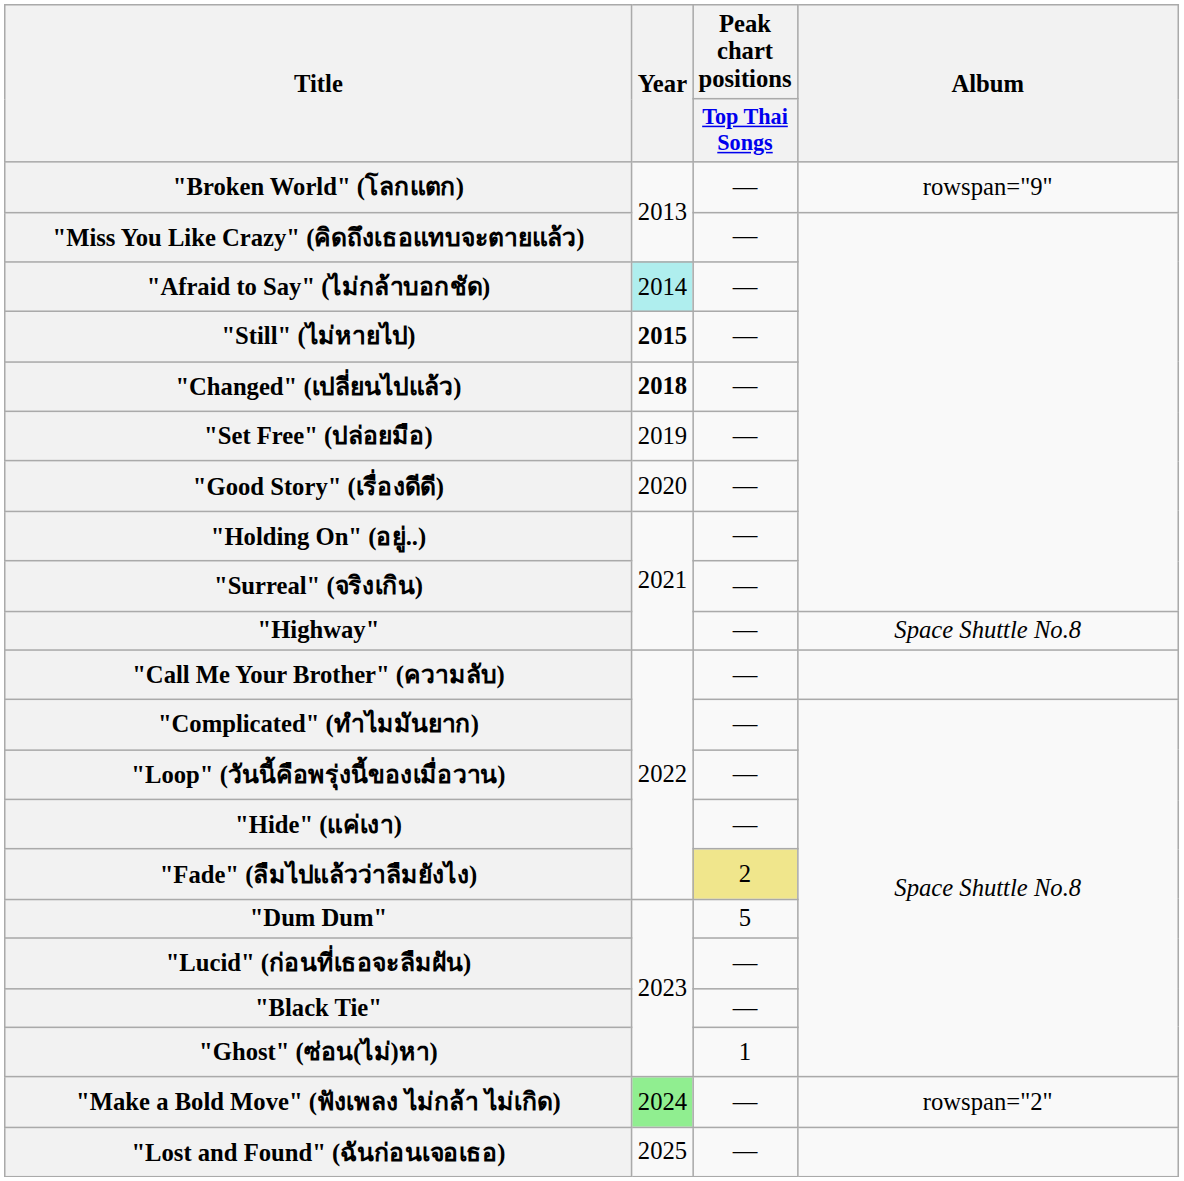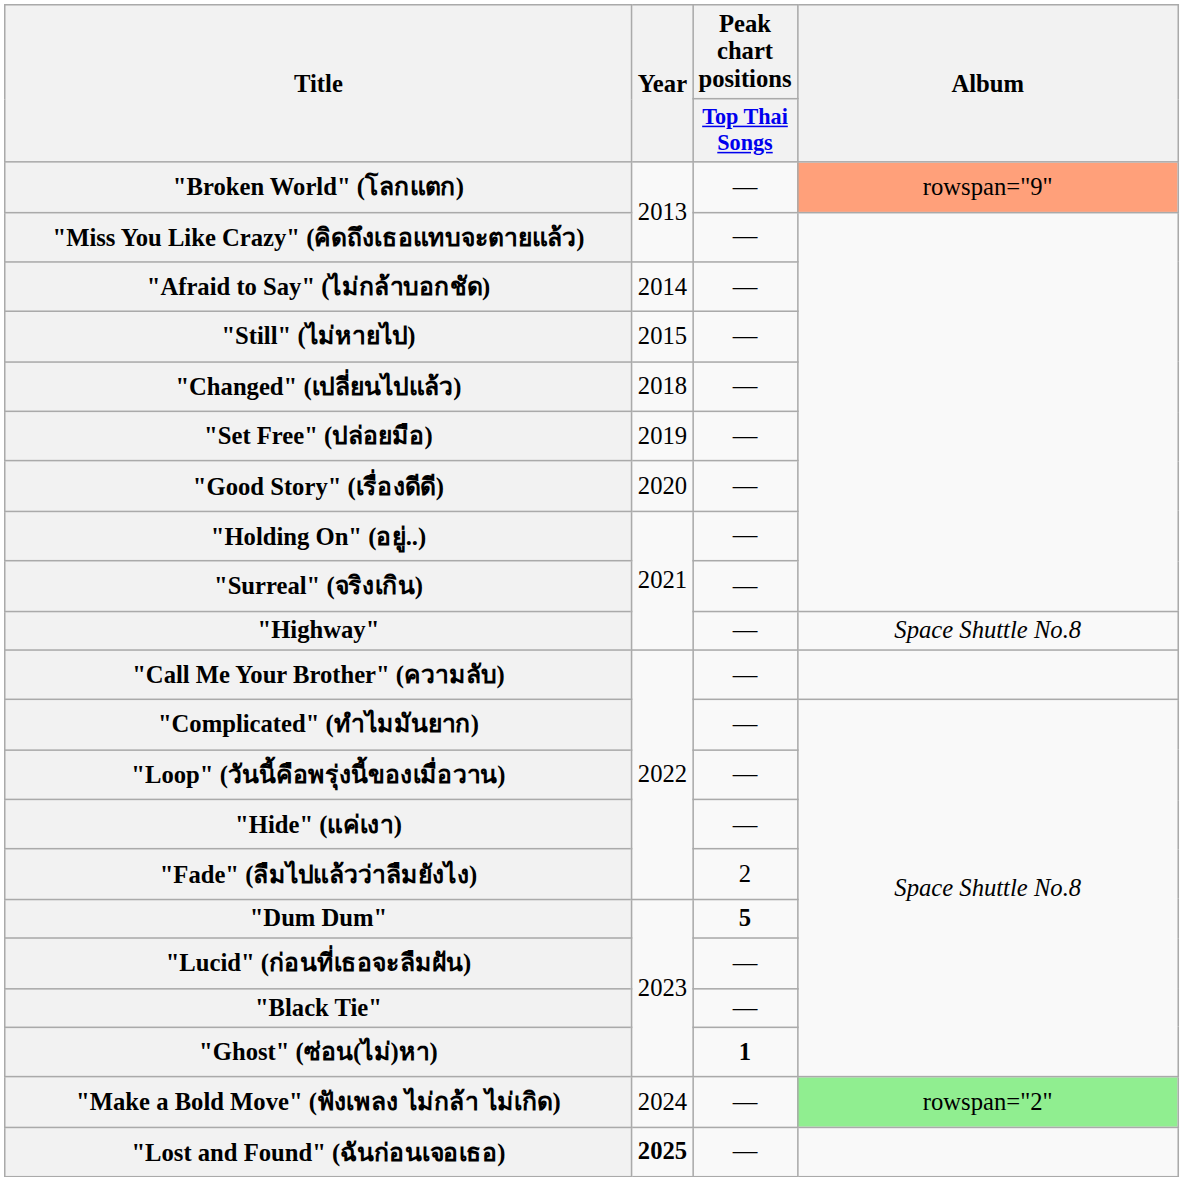 <table class="wikitable plainrowheaders" style="text-align:center">
 <tr>
 <th rowspan="2" scope="col" style="width:25em;">Title</th>
 <th rowspan="2">Year</th>
 <th>Peak chart positions</th>
 <th rowspan="2" style="width:15em;">Album</th>
 </tr>
 <tr>
 <th scope="col" style="width:3em;font-size:90%;"><a href='#'>Top Thai Songs</a><br></th>
 </tr>
 <tr>
 <th scope="row">"Broken World" (โลกแตก)</th>
 <td rowspan="2">2013</td>
 <td>—</td>
-<td>rowspan="9" </td>
+<td style="background: lightsalmon;">rowspan="9" </td>
 </tr>
 <tr>
 <th scope="row">"Miss You Like Crazy" (คิดถึงเธอแทบจะตายแล้ว)</th>
 <td>—</td>
 </tr>
 <tr>
 <th scope="row">"Afraid to Say" (ไม่กล้าบอกชัด)</th>
-<td style="background: paleturquoise;">2014</td>
+<td>2014</td>
 <td>—</td>
 </tr>
 <tr>
 <th scope="row">"Still" (ไม่หายไป)</th>
-<td><strong>2015</strong></td>
+<td>2015</td>
 <td>—</td>
 </tr>
 <tr>
 <th scope="row">"Changed" (เปลี่ยนไปแล้ว)</th>
-<td><strong>2018</strong></td>
+<td>2018</td>
 <td>—</td>
 </tr>
 <tr>
 <th scope="row">"Set Free" (ปล่อยมือ)</th>
 <td>2019</td>
 <td>—</td>
 </tr>
 <tr>
 <th scope="row">"Good Story" (เรื่องดีดี)</th>
 <td>2020</td>
 <td>—</td>
 </tr>
 <tr>
 <th scope="row">"Holding On" (อยู่..)</th>
 <td rowspan="3">2021</td>
 <td>—</td>
 </tr>
 <tr>
 <th scope="row">"Surreal" (จริงเกิน)</th>
 <td>—</td>
 </tr>
 <tr>
 <th scope="row">"Highway"</th>
 <td>—</td>
 <td><em>Space Shuttle No.8</em></td>
 </tr>
 <tr>
 <th scope="row">"Call Me Your Brother" (ความลับ)</th>
 <td rowspan="5">2022</td>
 <td>—</td>
 <td></td>
 </tr>
 <tr>
 <th scope="row">"Complicated" (ทำไมมันยาก)</th>
 <td>—</td>
 <td rowspan="8"><em>Space Shuttle No.8</em></td>
 </tr>
 <tr>
 <th scope="row">"Loop" (วันนี้คือพรุ่งนี้ของเมื่อวาน)</th>
 <td>—</td>
 </tr>
 <tr>
 <th scope="row">"Hide" (แค่เงา)</th>
 <td>—</td>
 </tr>
 <tr>
 <th scope="row">"Fade" (ลืมไปแล้วว่าลืมยังไง)</th>
-<td style="background: khaki;">2</td>
+<td>2</td>
 </tr>
 <tr>
 <th scope="row">"Dum Dum"</th>
 <td rowspan="4">2023</td>
-<td>5</td>
+<td><strong>5</strong></td>
 </tr>
 <tr>
 <th scope="row">"Lucid" (ก่อนที่เธอจะลืมฝัน)</th>
 <td>—</td>
 </tr>
 <tr>
 <th scope="row">"Black Tie"</th>
 <td>—</td>
 </tr>
 <tr>
 <th scope="row">"Ghost" (ซ่อน(ไม่)หา)</th>
-<td>1</td>
+<td><strong>1</strong></td>
 </tr>
 <tr>
 <th scope="row">"Make a Bold Move" (ฟังเพลง ไม่กล้า ไม่เกิด)</th>
-<td style="background: lightgreen;">2024</td>
+<td>2024</td>
 <td>—</td>
-<td>rowspan="2" </td>
+<td style="background: lightgreen;">rowspan="2" </td>
 </tr>
 <tr>
 <th scope="row">"Lost and Found" (ฉันก่อนเจอเธอ)</th>
-<td>2025</td>
+<td><strong>2025</strong></td>
 <td>—</td>
 </tr>
 </table>
